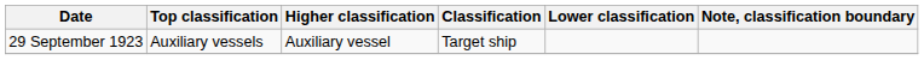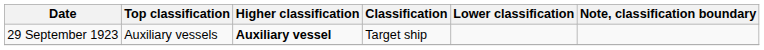 <table class="wikitable">
 <tr>
 <th>Date</th>
 <th>Top classification</th>
 <th>Higher classification</th>
 <th>Classification</th>
 <th>Lower classification</th>
 <th>Note, classification boundary</th>
 </tr>
 <tr>
 <td>29 September 1923</td>
 <td>Auxiliary vessels</td>
-<td>Auxiliary vessel</td>
+<td><strong>Auxiliary vessel</strong></td>
 <td>Target ship</td>
 <td></td>
 <td></td>
 </tr>
 <tr>
 </tr>
 </table>
